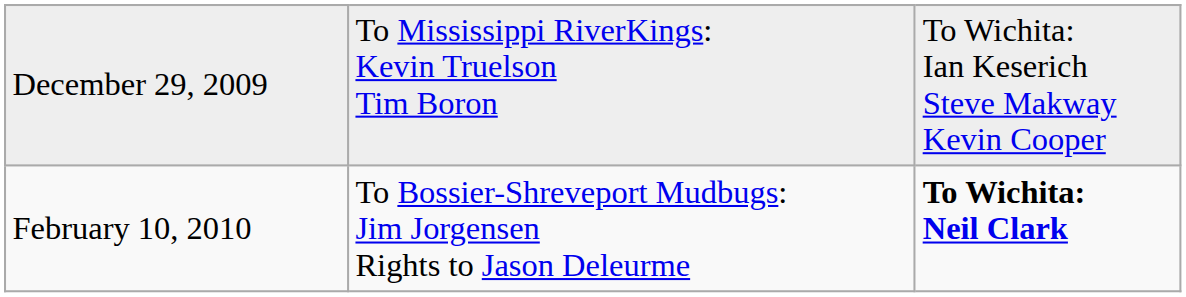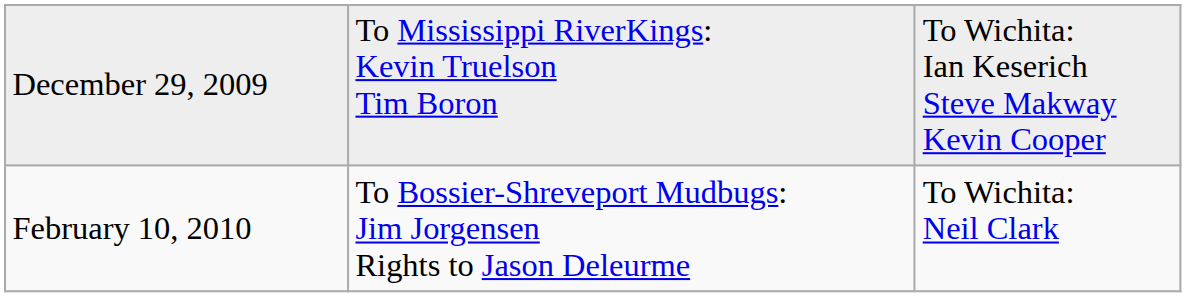 <table class="wikitable" style="border:1px solid #999999; width:580px;">
 <tr bgcolor="eeeeee">
 <td>December 29, 2009</td>
 <td valign="top">To <a href='#'>Mississippi RiverKings</a>: <br> <a href='#'>Kevin Truelson</a> <br> <a href='#'>Tim Boron</a></td>
 <td valign="top">To Wichita: <br> Ian Keserich <br> <a href='#'>Steve Makway</a> <br> <a href='#'>Kevin Cooper</a></td>
 </tr>
 <tr>
 <td>February 10, 2010</td>
 <td valign="top">To <a href='#'>Bossier-Shreveport Mudbugs</a>: <br> <a href='#'>Jim Jorgensen</a> <br> Rights to <a href='#'>Jason Deleurme</a></td>
-<td valign="top"><strong>To Wichita: <br> <a href='#'>Neil Clark</a></strong></td>
+<td valign="top">To Wichita: <br> <a href='#'>Neil Clark</a></td>
 </tr>
 </table>
